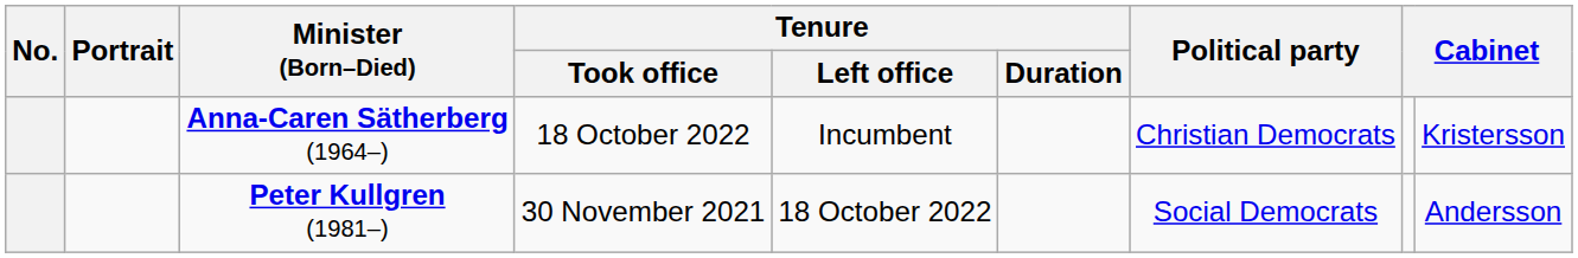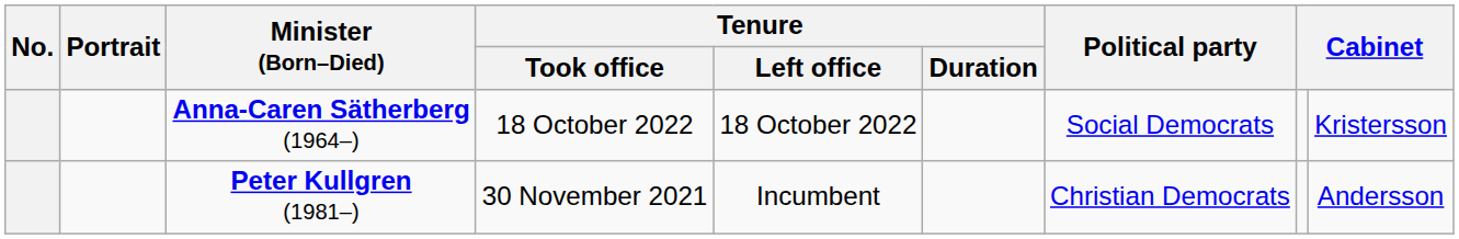 <table class="wikitable" style="text-align: center;">
 <tr>
 <th rowspan="2">No.</th>
 <th rowspan="2">Portrait</th>
 <th rowspan="2">Minister<br><small>(Born–Died)</small></th>
 <th colspan="3">Tenure</th>
 <th rowspan="2">Political party</th>
 <th rowspan="2" colspan="2"><a href='#'>Cabinet</a></th>
 </tr>
 <tr>
 <th>Took office</th>
 <th>Left office</th>
 <th>Duration</th>
 </tr>
 <tr>
 <th rowspan="1" style="background: "></th>
 <td rowspan="1"></td>
 <td rowspan="1"><strong><a href='#'>Anna-Caren Sätherberg</a></strong><br><small>(1964–)</small></td>
 <td rowspan="1">18 October 2022</td>
-<td rowspan="1">Incumbent</td>
+<td rowspan="1">18 October 2022</td>
 <td rowspan="1"></td>
-<td rowspan="1"><a href='#'>Christian Democrats</a></td>
+<td rowspan="1"><a href='#'>Social Democrats</a></td>
 <td rowspan="1" style="background: "></td>
 <td rowspan="1"><a href='#'>Kristersson</a></td>
 </tr>
 <tr>
 <th rowspan="1" style="background: "></th>
 <td rowspan="1"></td>
 <td rowspan="1"><strong><a href='#'>Peter Kullgren</a></strong><br><small>(1981–)</small></td>
 <td rowspan="1">30 November 2021</td>
-<td rowspan="1">18 October 2022</td>
+<td rowspan="1">Incumbent</td>
 <td rowspan="1"></td>
-<td rowspan="1"><a href='#'>Social Democrats</a></td>
+<td rowspan="1"><a href='#'>Christian Democrats</a></td>
 <td rowspan="1" style="background: "></td>
 <td rowspan="1"><a href='#'>Andersson</a></td>
 </tr>
 </table>
